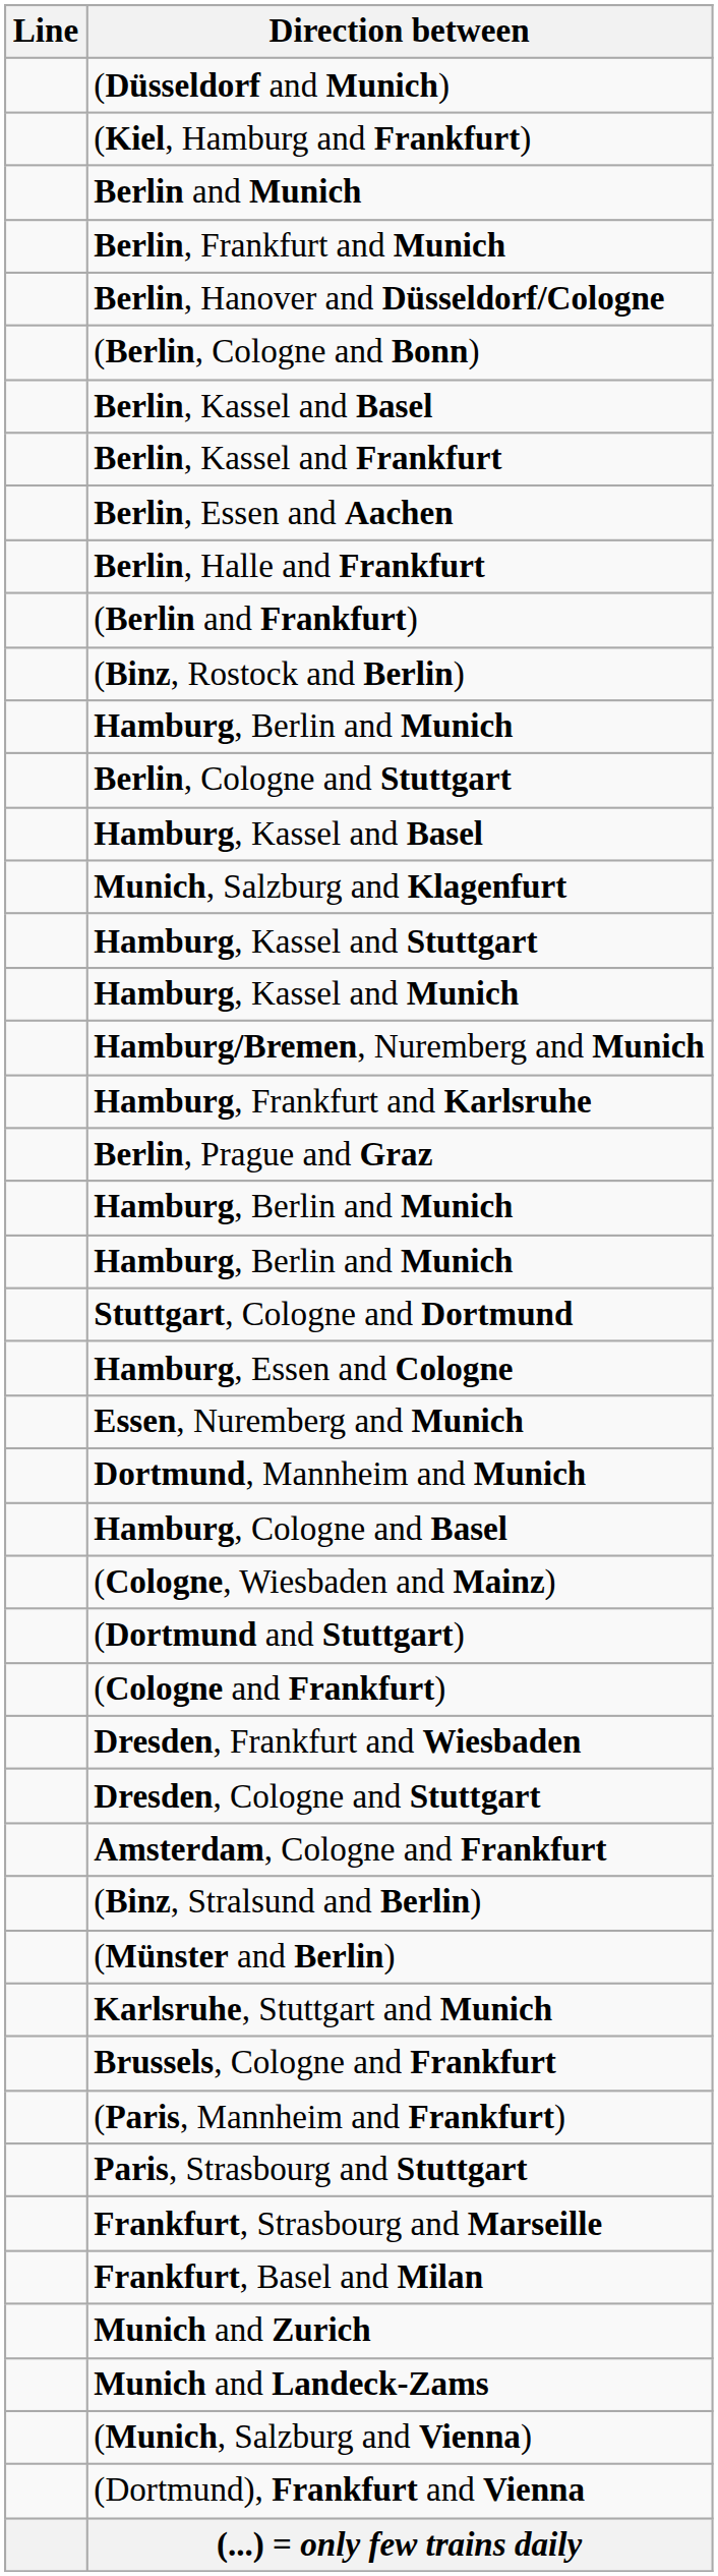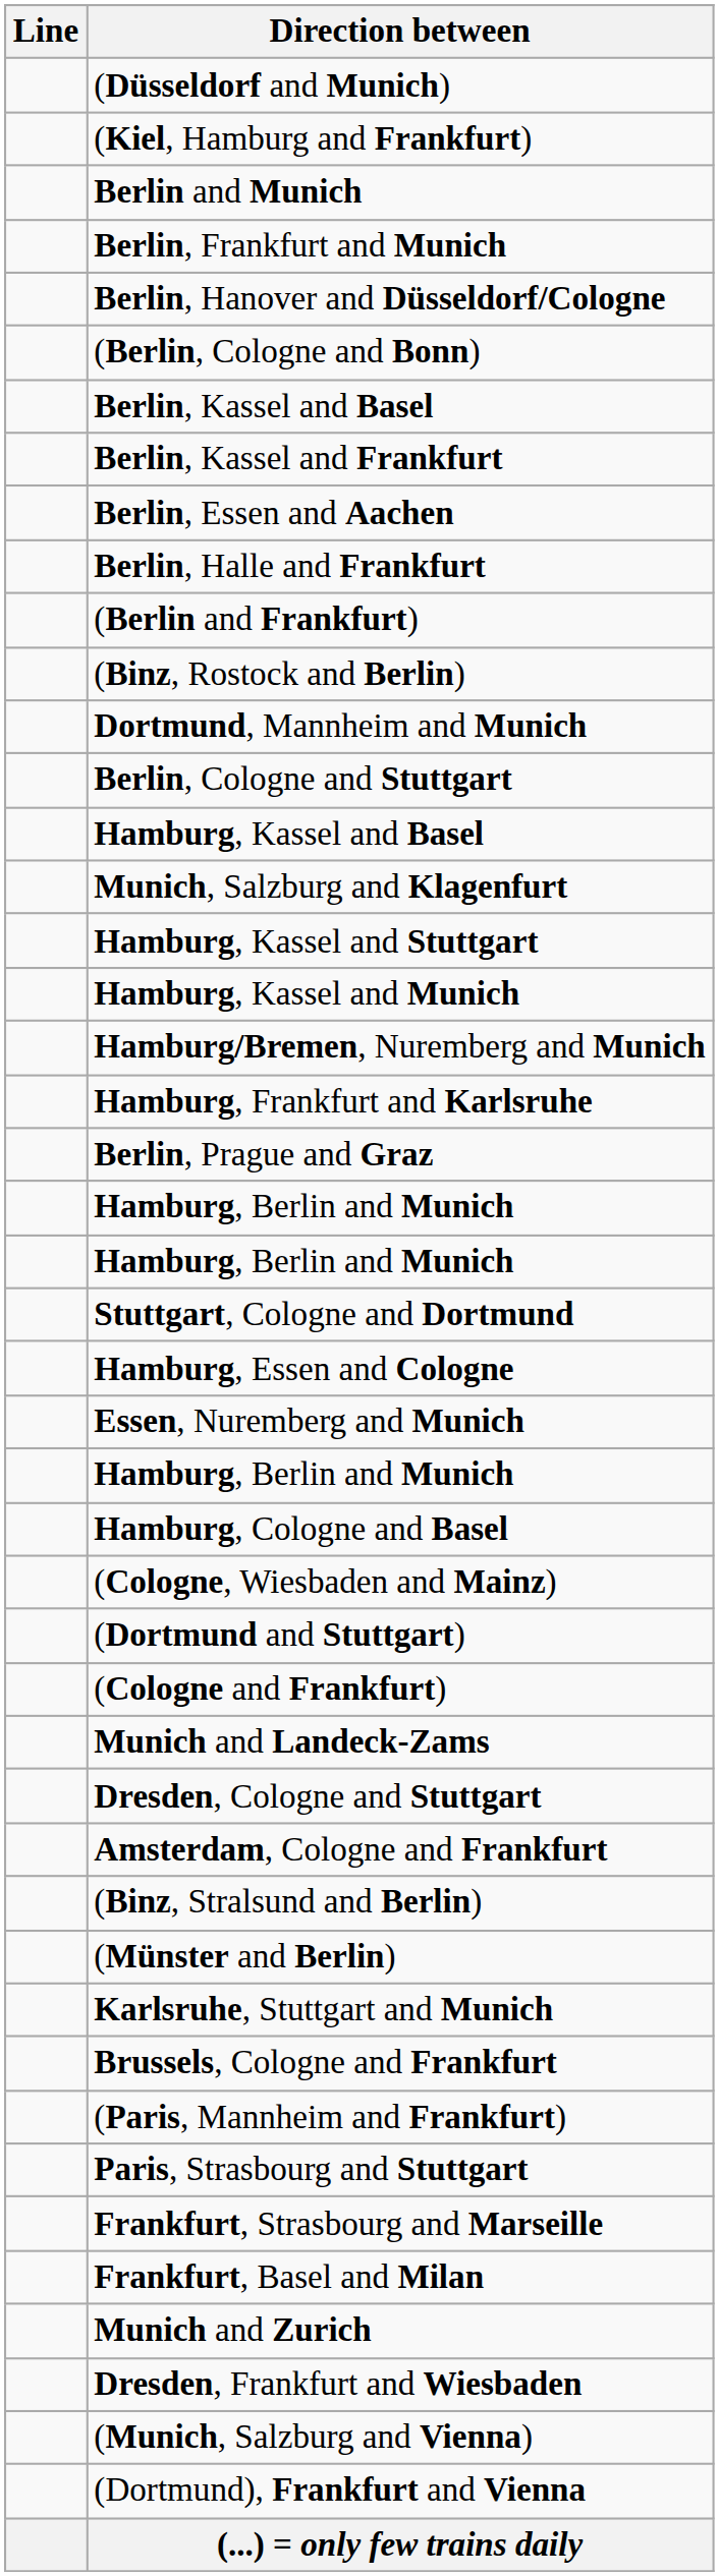 <table class=wikitable>
 <tr>
 <th class="hintergrundfarbe5">Line</th>
 <th class="hintergrundfarbe5">Direction between</th>
 </tr>
 <tr>
 <td></td>
 <td>(<strong>Düsseldorf</strong> and <strong>Munich</strong>)</td>
 </tr>
 <tr>
 <td></td>
 <td>(<strong>Kiel</strong>, Hamburg and <strong>Frankfurt</strong>)</td>
 </tr>
 <tr>
 <td></td>
 <td><strong>Berlin</strong> and  <strong>Munich</strong></td>
 </tr>
 <tr>
 <td></td>
 <td><strong>Berlin</strong>, Frankfurt and <strong>Munich</strong></td>
 </tr>
 <tr>
 <td></td>
 <td><strong>Berlin</strong>, Hanover and <strong>Düsseldorf/Cologne</strong></td>
 </tr>
 <tr>
 <td></td>
 <td>(<strong>Berlin</strong>, Cologne and <strong>Bonn</strong>)</td>
 </tr>
 <tr>
 <td></td>
 <td><strong>Berlin</strong>, Kassel and <strong>Basel</strong></td>
 </tr>
 <tr>
 <td></td>
 <td><strong>Berlin</strong>, Kassel and <strong>Frankfurt</strong></td>
 </tr>
 <tr>
 <td></td>
 <td><strong>Berlin</strong>, Essen and <strong>Aachen</strong></td>
 </tr>
 <tr>
 <td></td>
 <td><strong>Berlin</strong>, Halle and <strong>Frankfurt</strong></td>
 </tr>
 <tr>
 <td></td>
 <td>(<strong>Berlin</strong> and <strong>Frankfurt</strong>)</td>
 </tr>
 <tr>
 <td></td>
 <td>(<strong>Binz</strong>, Rostock and <strong>Berlin</strong>)</td>
 </tr>
 <tr>
 <td></td>
-<td><strong>Hamburg</strong>, Berlin and <strong>Munich</strong></td>
+<td><strong>Dortmund</strong>, Mannheim and <strong>Munich</strong></td>
 </tr>
 <tr>
 <td></td>
 <td><strong>Berlin</strong>, Cologne and <strong>Stuttgart</strong></td>
 </tr>
 <tr>
 <td></td>
 <td><strong>Hamburg</strong>, Kassel and <strong>Basel</strong></td>
 </tr>
 <tr>
 <td></td>
 <td><strong>Munich</strong>, Salzburg and <strong>Klagenfurt</strong></td>
 </tr>
 <tr>
 <td></td>
 <td><strong>Hamburg</strong>, Kassel and <strong>Stuttgart</strong></td>
 </tr>
 <tr>
 <td></td>
 <td><strong>Hamburg</strong>, Kassel and <strong>Munich</strong></td>
 </tr>
 <tr>
 <td></td>
 <td><strong>Hamburg/Bremen</strong>, Nuremberg and <strong>Munich</strong></td>
 </tr>
 <tr>
 <td></td>
 <td><strong>Hamburg</strong>, Frankfurt and <strong>Karlsruhe</strong></td>
 </tr>
 <tr>
 <td></td>
 <td><strong>Berlin</strong>, Prague and <strong>Graz</strong></td>
 </tr>
 <tr>
 <td></td>
 <td><strong>Hamburg</strong>, Berlin and <strong>Munich</strong></td>
 </tr>
 <tr>
 <td></td>
 <td><strong>Hamburg</strong>, Berlin and <strong>Munich</strong></td>
 </tr>
 <tr>
 <td></td>
 <td><strong>Stuttgart</strong>, Cologne and <strong>Dortmund</strong></td>
 </tr>
 <tr>
 <td></td>
 <td><strong>Hamburg</strong>, Essen and <strong>Cologne</strong></td>
 </tr>
 <tr>
 <td></td>
 <td><strong>Essen</strong>, Nuremberg and <strong>Munich</strong></td>
 </tr>
 <tr>
 <td></td>
-<td><strong>Dortmund</strong>, Mannheim and <strong>Munich</strong></td>
+<td><strong>Hamburg</strong>, Berlin and <strong>Munich</strong></td>
 </tr>
 <tr>
 <td></td>
 <td><strong>Hamburg</strong>, Cologne and <strong>Basel</strong></td>
 </tr>
 <tr>
 <td></td>
 <td>(<strong>Cologne</strong>, Wiesbaden and <strong>Mainz</strong>)</td>
 </tr>
 <tr>
 <td></td>
 <td>(<strong>Dortmund</strong> and <strong>Stuttgart</strong>)</td>
 </tr>
 <tr>
 <td></td>
 <td>(<strong>Cologne</strong> and <strong>Frankfurt</strong>)</td>
 </tr>
 <tr>
 <td></td>
-<td><strong>Dresden</strong>, Frankfurt and <strong>Wiesbaden</strong></td>
+<td><strong>Munich</strong> and <strong>Landeck-Zams</strong></td>
 </tr>
 <tr>
 <td></td>
 <td><strong>Dresden</strong>, Cologne and <strong>Stuttgart</strong></td>
 </tr>
 <tr>
 <td></td>
 <td><strong>Amsterdam</strong>, Cologne and <strong>Frankfurt</strong></td>
 </tr>
 <tr>
 <td></td>
 <td>(<strong>Binz</strong>, Stralsund and <strong>Berlin</strong>)</td>
 </tr>
 <tr>
 <td></td>
 <td>(<strong>Münster</strong> and <strong>Berlin</strong>)</td>
 </tr>
 <tr>
 <td></td>
 <td><strong>Karlsruhe</strong>, Stuttgart and <strong>Munich</strong></td>
 </tr>
 <tr>
 <td></td>
 <td><strong>Brussels</strong>, Cologne and <strong>Frankfurt</strong></td>
 </tr>
 <tr>
 <td></td>
 <td>(<strong>Paris</strong>, Mannheim and <strong>Frankfurt</strong>)</td>
 </tr>
 <tr>
 <td></td>
 <td><strong>Paris</strong>, Strasbourg and <strong>Stuttgart</strong></td>
 </tr>
 <tr>
 <td></td>
 <td><strong>Frankfurt</strong>, Strasbourg and <strong>Marseille</strong></td>
 </tr>
 <tr>
 <td></td>
 <td><strong>Frankfurt</strong>,  Basel and <strong>Milan</strong></td>
 </tr>
 <tr>
 <td></td>
 <td><strong>Munich</strong> and <strong>Zurich</strong></td>
 </tr>
 <tr>
 <td></td>
-<td><strong>Munich</strong> and <strong>Landeck-Zams</strong></td>
+<td><strong>Dresden</strong>, Frankfurt and <strong>Wiesbaden</strong></td>
 </tr>
 <tr>
 <td></td>
 <td>(<strong>Munich</strong>, Salzburg and <strong>Vienna</strong>)</td>
 </tr>
 <tr>
 <td></td>
 <td>(Dortmund), <strong>Frankfurt</strong> and <strong>Vienna</strong></td>
 </tr>
 <tr>
 <th></th>
 <th>(...) = <em>only few trains daily</em></th>
 </tr>
 </table>
